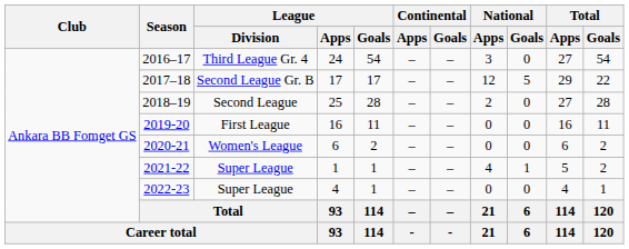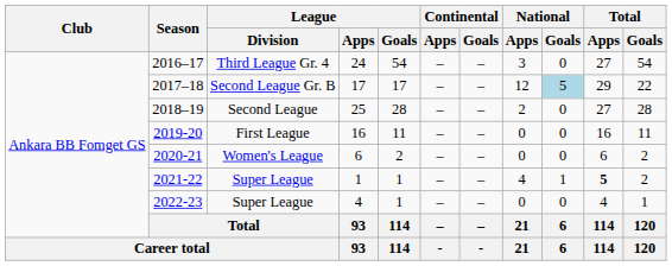 <table class="wikitable" style="text-align: center;">
 <tr>
 <th rowspan=2>Club</th>
 <th rowspan=2>Season</th>
 <th colspan=3>League</th>
 <th colspan=2>Continental</th>
 <th colspan=2>National</th>
 <th colspan=2>Total</th>
 </tr>
 <tr>
 <th>Division</th>
 <th>Apps</th>
 <th>Goals</th>
 <th>Apps</th>
 <th>Goals</th>
 <th>Apps</th>
 <th>Goals</th>
 <th>Apps</th>
 <th>Goals</th>
 </tr>
 <tr>
 <td rowspan=8><a href='#'>Ankara BB Fomget GS</a></td>
 <td>2016–17</td>
 <td><a href='#'>Third League</a> Gr. 4</td>
 <td>24</td>
 <td>54</td>
 <td>–</td>
 <td>–</td>
 <td>3</td>
 <td>0</td>
 <td>27</td>
 <td>54</td>
 </tr>
 <tr>
 <td>2017–18</td>
 <td><a href='#'>Second League</a> Gr. B</td>
 <td>17</td>
 <td>17</td>
 <td>–</td>
 <td>–</td>
 <td>12</td>
-<td>5</td>
+<td style="background: lightblue;">5</td>
 <td>29</td>
 <td>22</td>
 </tr>
 <tr>
 <td>2018–19</td>
 <td>Second League</td>
 <td>25</td>
 <td>28</td>
 <td>–</td>
 <td>–</td>
 <td>2</td>
 <td>0</td>
 <td>27</td>
 <td>28</td>
 </tr>
 <tr>
 <td><a href='#'>2019-20</a></td>
 <td>First League</td>
 <td>16</td>
 <td>11</td>
 <td>–</td>
 <td>–</td>
 <td>0</td>
 <td>0</td>
 <td>16</td>
 <td>11</td>
 </tr>
 <tr>
 <td><a href='#'>2020-21</a></td>
 <td><a href='#'>Women's League</a></td>
 <td>6</td>
 <td>2</td>
 <td>–</td>
 <td>–</td>
 <td>0</td>
 <td>0</td>
 <td>6</td>
 <td>2</td>
 </tr>
 <tr>
 <td><a href='#'>2021-22</a></td>
 <td><a href='#'>Super League</a></td>
 <td>1</td>
 <td>1</td>
 <td>–</td>
 <td>–</td>
 <td>4</td>
 <td>1</td>
-<td>5</td>
+<td><strong>5</strong></td>
 <td>2</td>
 </tr>
 <tr>
 <td><a href='#'>2022-23</a></td>
 <td>Super League</td>
 <td>4</td>
 <td>1</td>
 <td>–</td>
 <td>–</td>
 <td>0</td>
 <td>0</td>
 <td>4</td>
 <td>1</td>
 </tr>
 <tr ->
 <th colspan=2>Total</th>
 <th>93</th>
 <th>114</th>
 <th>–</th>
 <th>–</th>
 <th>21</th>
 <th>6</th>
 <th>114</th>
 <th>120</th>
 </tr>
 <tr>
 <th colspan=3>Career total</th>
 <th>93</th>
 <th>114</th>
 <th>-</th>
 <th>-</th>
 <th>21</th>
 <th>6</th>
 <th>114</th>
 <th>120</th>
 </tr>
 </table>
